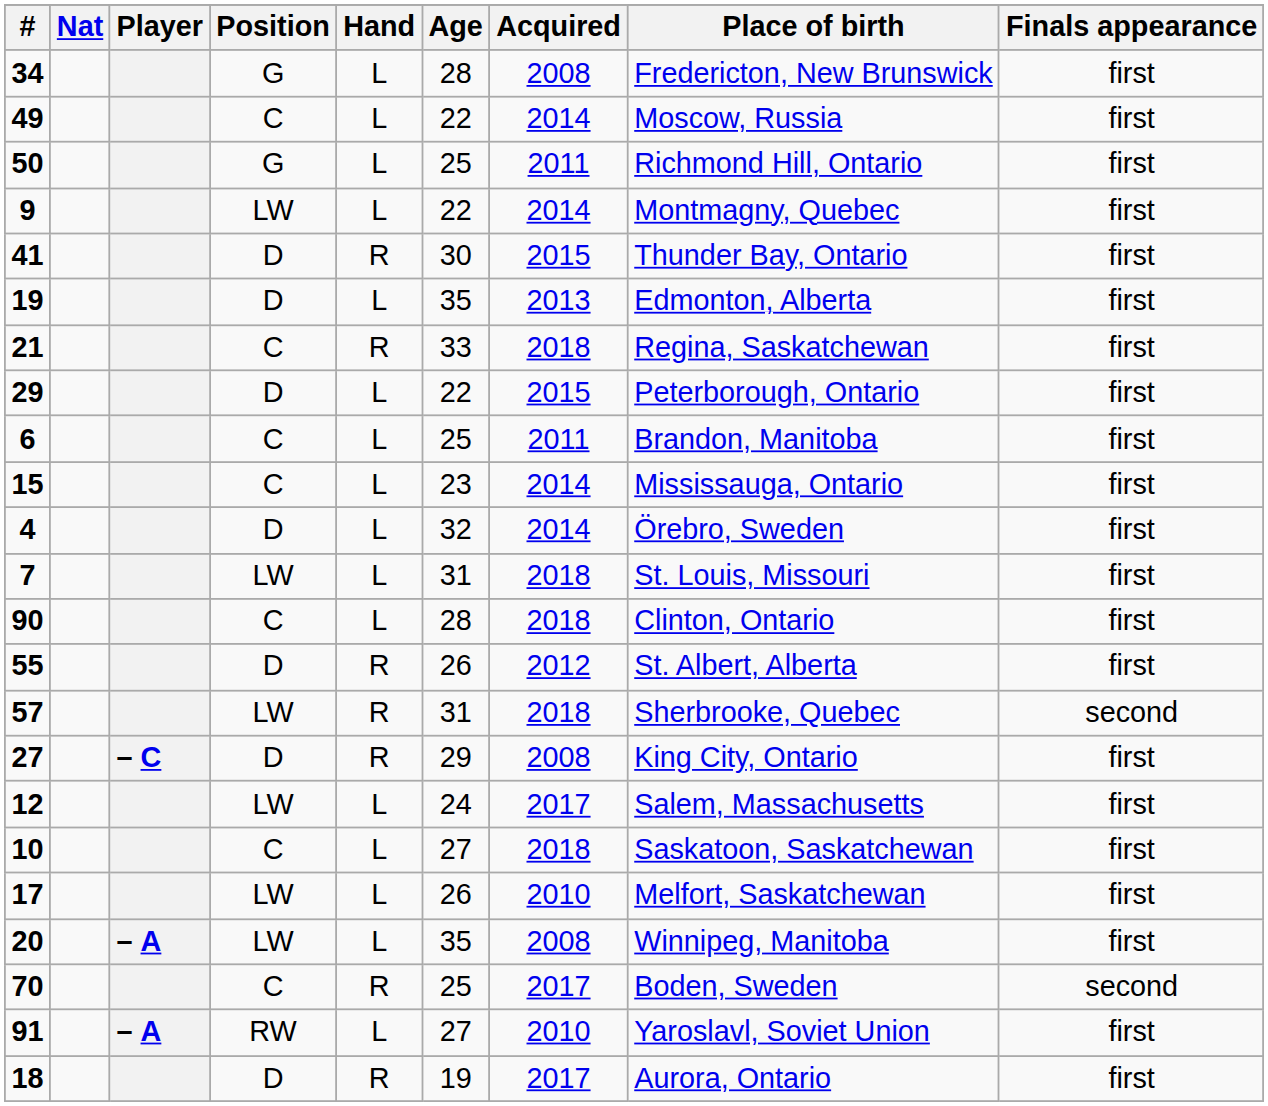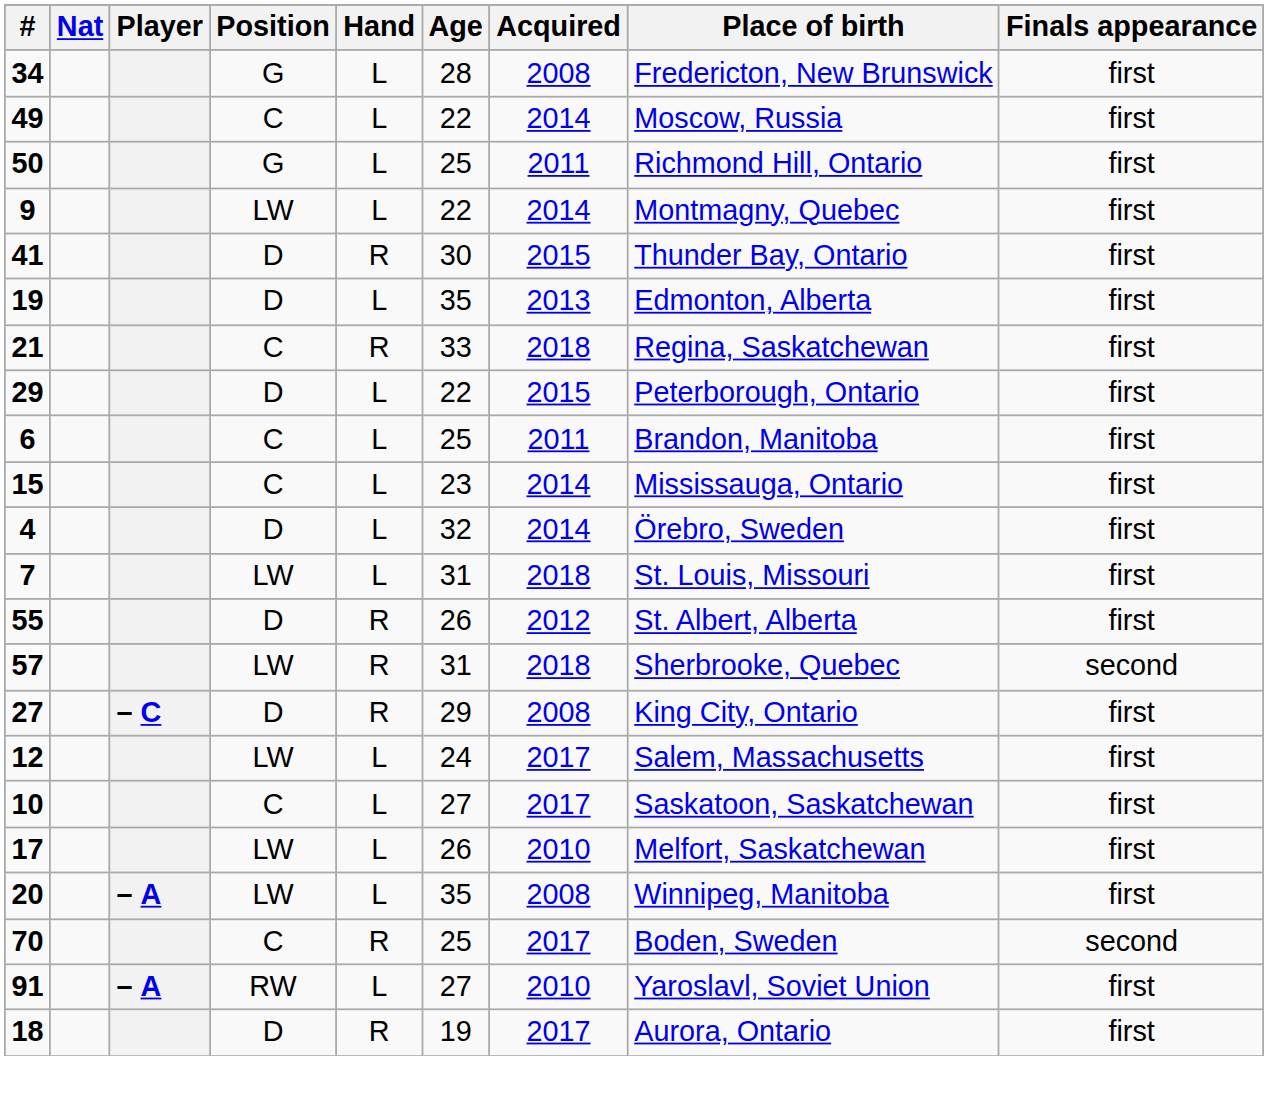 <table class="sortable wikitable plainrowheaders" style="text-align:center">
 <tr style="text-align:center;">
 </tr>
 <tr style="background:#dddddd;">
 <th scope="col">#</th>
 <th scope="col"><a href='#'>Nat</a></th>
 <th scope="col">Player</th>
 <th scope="col">Position</th>
 <th scope="col">Hand</th>
 <th scope="col">Age</th>
 <th scope="col">Acquired</th>
 <th scope="col" class="unsortable">Place of birth</th>
 <th scope="col" class="unsortable">Finals appearance</th>
 </tr>
 <tr>
 <td><strong>34</strong></td>
 <td></td>
 <th scope="row" style="text-align:left;"></th>
 <td>G</td>
 <td>L</td>
 <td>28</td>
 <td><a href='#'>2008</a></td>
 <td style="text-align:left;"><a href='#'>Fredericton, New Brunswick</a></td>
 <td>first</td>
 </tr>
 <tr>
 <td><strong>49</strong></td>
 <td></td>
 <th scope="row" style="text-align:left;"></th>
 <td>C</td>
 <td>L</td>
 <td>22</td>
 <td><a href='#'>2014</a></td>
 <td style="text-align:left;"><a href='#'>Moscow, Russia</a></td>
 <td>first</td>
 </tr>
 <tr>
 <td><strong>50</strong></td>
 <td></td>
 <th scope="row" style="text-align:left;"></th>
 <td>G</td>
 <td>L</td>
 <td>25</td>
 <td><a href='#'>2011</a></td>
 <td style="text-align:left;"><a href='#'>Richmond Hill, Ontario</a></td>
 <td>first</td>
 </tr>
 <tr>
 <td><strong>9</strong></td>
 <td></td>
 <th scope="row" style="text-align:left;"></th>
 <td>LW</td>
 <td>L</td>
 <td>22</td>
 <td><a href='#'>2014</a></td>
 <td style="text-align:left;"><a href='#'>Montmagny, Quebec</a></td>
 <td>first</td>
 </tr>
 <tr>
 <td><strong>41</strong></td>
 <td></td>
 <th scope="row" style="text-align:left;"></th>
 <td>D</td>
 <td>R</td>
 <td>30</td>
 <td><a href='#'>2015</a></td>
 <td style="text-align:left;"><a href='#'>Thunder Bay, Ontario</a></td>
 <td>first</td>
 </tr>
 <tr>
 <td><strong>19</strong></td>
 <td></td>
 <th scope="row" style="text-align:left;"></th>
 <td>D</td>
 <td>L</td>
 <td>35</td>
 <td><a href='#'>2013</a></td>
 <td style="text-align:left;"><a href='#'>Edmonton, Alberta</a></td>
 <td>first</td>
 </tr>
 <tr>
 <td><strong>21</strong></td>
 <td></td>
 <th scope="row" style="text-align:left;"></th>
 <td>C</td>
 <td>R</td>
 <td>33</td>
 <td><a href='#'>2018</a></td>
 <td style="text-align:left;"><a href='#'>Regina, Saskatchewan</a></td>
 <td>first<br> </td>
 </tr>
 <tr>
 <td><strong>29</strong></td>
 <td></td>
 <th scope="row" style="text-align:left;"></th>
 <td>D</td>
 <td>L</td>
 <td>22</td>
 <td><a href='#'>2015</a></td>
 <td style="text-align:left;"><a href='#'>Peterborough, Ontario</a></td>
 <td>first</td>
 </tr>
 <tr>
 <td><strong>6</strong></td>
 <td></td>
 <th scope="row" style="text-align:left;"></th>
 <td>C</td>
 <td>L</td>
 <td>25</td>
 <td><a href='#'>2011</a></td>
 <td style="text-align:left;"><a href='#'>Brandon, Manitoba</a></td>
 <td>first</td>
 </tr>
 <tr>
 <td><strong>15</strong></td>
 <td></td>
 <th scope="row" style="text-align:left;"></th>
 <td>C</td>
 <td>L</td>
 <td>23</td>
 <td><a href='#'>2014</a></td>
 <td style="text-align:left;"><a href='#'>Mississauga, Ontario</a></td>
 <td>first</td>
 </tr>
 <tr>
 <td><strong>4</strong></td>
 <td></td>
 <th scope="row" style="text-align:left;"></th>
 <td>D</td>
 <td>L</td>
 <td>32</td>
 <td><a href='#'>2014</a></td>
 <td style="text-align:left;"><a href='#'>Örebro, Sweden</a></td>
 <td>first<br></td>
 </tr>
 <tr>
 <td><strong>7</strong></td>
 <td></td>
 <th scope="row" style="text-align:left;"></th>
 <td>LW</td>
 <td>L</td>
 <td>31</td>
 <td><a href='#'>2018</a></td>
 <td style="text-align:left;"><a href='#'>St. Louis, Missouri</a></td>
 <td>first</td>
 </tr>
 <tr>
-<td><strong>90</strong></td>
-<td></td>
-<th scope="row" style="text-align:left;"></th>
-<td>C</td>
-<td>L</td>
-<td>28</td>
-<td><a href='#'>2018</a></td>
-<td style="text-align:left;"><a href='#'>Clinton, Ontario</a></td>
-<td>first</td>
-</tr>
-<tr>
 <td><strong>55</strong></td>
 <td></td>
 <th scope="row" style="text-align:left;"></th>
 <td>D</td>
 <td>R</td>
 <td>26</td>
 <td><a href='#'>2012</a></td>
 <td style="text-align:left;"><a href='#'>St. Albert, Alberta</a></td>
 <td>first</td>
 </tr>
 <tr>
 <td><strong>57</strong></td>
 <td></td>
 <th scope="row" style="text-align:left;"></th>
 <td>LW</td>
 <td>R</td>
 <td>31</td>
 <td><a href='#'>2018</a></td>
 <td style="text-align:left;"><a href='#'>Sherbrooke, Quebec</a></td>
 <td>second </td>
 </tr>
 <tr>
 <td><strong>27</strong></td>
 <td></td>
 <th scope="row" style="text-align:left;"> – <strong><a href='#'>C</a></strong></th>
 <td>D</td>
 <td>R</td>
 <td>29</td>
 <td><a href='#'>2008</a></td>
 <td style="text-align:left;"><a href='#'>King City, Ontario</a></td>
 <td>first</td>
 </tr>
 <tr>
 <td><strong>12</strong></td>
 <td></td>
 <th scope="row" style="text-align:left;"></th>
 <td>LW</td>
 <td>L</td>
 <td>24</td>
 <td><a href='#'>2017</a></td>
 <td style="text-align:left;"><a href='#'>Salem, Massachusetts</a></td>
 <td>first</td>
 </tr>
 <tr>
 <td><strong>10</strong></td>
 <td></td>
 <th scope="row" style="text-align:left;"></th>
 <td>C</td>
 <td>L</td>
 <td>27</td>
-<td><a href='#'>2018</a></td>
+<td><a href='#'>2017</a></td>
 <td style="text-align:left;"><a href='#'>Saskatoon, Saskatchewan</a></td>
 <td>first</td>
 </tr>
 <tr>
 <td><strong>17</strong></td>
 <td></td>
 <th scope="row" style="text-align:left;"></th>
 <td>LW</td>
 <td>L</td>
 <td>26</td>
 <td><a href='#'>2010</a></td>
 <td style="text-align:left;"><a href='#'>Melfort, Saskatchewan</a></td>
 <td>first</td>
 </tr>
 <tr>
 <td><strong>20</strong></td>
 <td></td>
 <th scope="row" style="text-align:left;"> – <strong><a href='#'>A</a></strong></th>
 <td>LW</td>
 <td>L</td>
 <td>35</td>
 <td><a href='#'>2008</a></td>
 <td style="text-align:left;"><a href='#'>Winnipeg, Manitoba</a></td>
 <td>first</td>
 </tr>
 <tr>
 <td><strong>70</strong></td>
 <td></td>
 <th scope="row" style="text-align:left;"></th>
 <td>C</td>
 <td>R</td>
 <td>25</td>
 <td><a href='#'>2017</a></td>
 <td style="text-align:left;"><a href='#'>Boden, Sweden</a></td>
 <td>second </td>
 </tr>
 <tr>
 <td><strong>91</strong></td>
 <td></td>
 <th scope="row" style="text-align:left;"> – <strong><a href='#'>A</a></strong></th>
 <td>RW</td>
 <td>L</td>
 <td>27</td>
 <td><a href='#'>2010</a></td>
 <td style="text-align:left;"><a href='#'>Yaroslavl, Soviet Union</a></td>
 <td>first</td>
 </tr>
 <tr>
 <td><strong>18</strong></td>
 <td></td>
 <th scope="row" style="text-align:left;"></th>
 <td>D</td>
 <td>R</td>
 <td>19</td>
 <td><a href='#'>2017</a></td>
 <td style="text-align:left;"><a href='#'>Aurora, Ontario</a></td>
 <td>first<br></td>
 </tr>
 </table>
